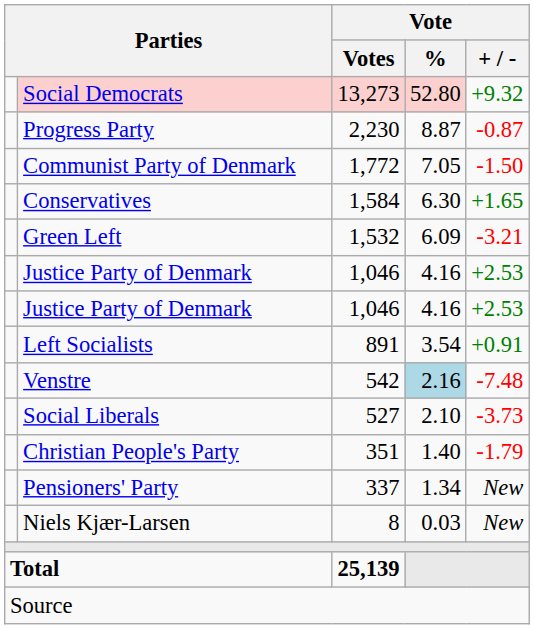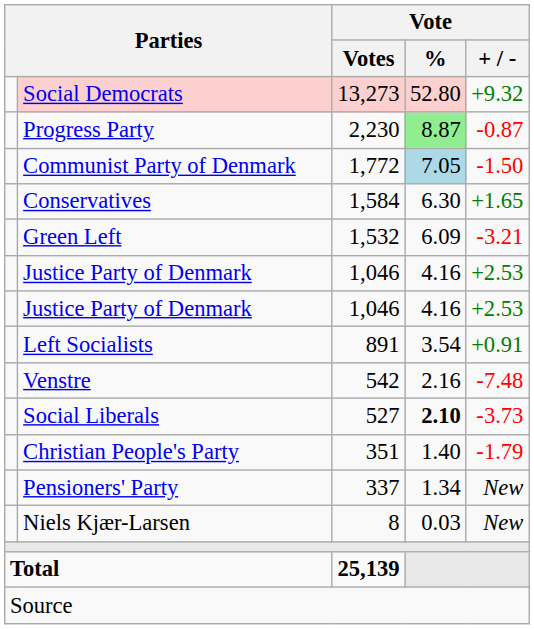 <table class="wikitable" style="text-align:right;">
 <tr>
 <th style="text-align:centre;" rowspan="2" colspan="2" width="225">Parties</th>
 <th colspan="3">Vote</th>
 </tr>
 <tr>
 <th width="15">Votes</th>
 <th width="15">%</th>
 <th width="15">+ / -</th>
 </tr>
 <tr>
 <td width="2" style="color:inherit;background:"></td>
 <td bgcolor=#fbd0ce  align="left"><a href='#'>Social Democrats</a></td>
 <td bgcolor=#fbd0ce>13,273</td>
 <td bgcolor=#fbd0ce>52.80</td>
 <td style=color:green;>+9.32</td>
 </tr>
 <tr>
 <td width="2" style="color:inherit;background:"></td>
 <td align="left"><a href='#'>Progress Party</a></td>
 <td>2,230</td>
-<td>8.87</td>
+<td style="background: lightgreen;">8.87</td>
 <td style=color:red;>-0.87</td>
 </tr>
 <tr>
 <td width="2" style="color:inherit;background:"></td>
 <td align="left"><a href='#'>Communist Party of Denmark</a></td>
 <td>1,772</td>
-<td>7.05</td>
+<td style="background: lightblue;">7.05</td>
 <td style=color:red;>-1.50</td>
 </tr>
 <tr>
 <td width="2" style="color:inherit;background:"></td>
 <td align="left"><a href='#'>Conservatives</a></td>
 <td>1,584</td>
 <td>6.30</td>
 <td style=color:green;>+1.65</td>
 </tr>
 <tr>
 <td width="2" style="color:inherit;background:"></td>
 <td align="left"><a href='#'>Green Left</a></td>
 <td>1,532</td>
 <td>6.09</td>
 <td style=color:red;>-3.21</td>
 </tr>
 <tr>
 <td width="2" style="color:inherit;background:"></td>
 <td align="left"><a href='#'>Justice Party of Denmark</a></td>
 <td>1,046</td>
 <td>4.16</td>
 <td style=color:green;>+2.53</td>
 </tr>
 <tr>
 <td width="2" style="color:inherit;background:"></td>
 <td align="left"><a href='#'>Justice Party of Denmark</a></td>
 <td>1,046</td>
 <td>4.16</td>
 <td style=color:green;>+2.53</td>
 </tr>
 <tr>
 <td width="2" style="color:inherit;background:"></td>
 <td align="left"><a href='#'>Left Socialists</a></td>
 <td>891</td>
 <td>3.54</td>
 <td style=color:green;>+0.91</td>
 </tr>
 <tr>
 <td width="2" style="color:inherit;background:"></td>
 <td align="left"><a href='#'>Venstre</a></td>
 <td>542</td>
-<td style="background: lightblue;">2.16</td>
+<td>2.16</td>
 <td style=color:red;>-7.48</td>
 </tr>
 <tr>
 <td width="2" style="color:inherit;background:"></td>
 <td align="left"><a href='#'>Social Liberals</a></td>
 <td>527</td>
-<td>2.10</td>
+<td><strong>2.10</strong></td>
 <td style=color:red;>-3.73</td>
 </tr>
 <tr>
 <td width="2" style="color:inherit;background:"></td>
 <td align="left"><a href='#'>Christian People's Party</a></td>
 <td>351</td>
 <td>1.40</td>
 <td style=color:red;>-1.79</td>
 </tr>
 <tr>
 <td width="2" style="color:inherit;background:"></td>
 <td align="left"><a href='#'>Pensioners' Party</a></td>
 <td>337</td>
 <td>1.34</td>
 <td><em>New</em></td>
 </tr>
 <tr>
 <td width="2" style="color:inherit;background:"></td>
 <td align="left">Niels Kjær-Larsen</td>
 <td>8</td>
 <td>0.03</td>
 <td><em>New</em></td>
 </tr>
 <tr>
 <td colspan="7" bgcolor="#E9E9E9"></td>
 </tr>
 <tr>
 <td align="left" colspan="2"><strong>Total</strong></td>
 <td><strong>25,139</strong></td>
 <td bgcolor="#E9E9E9" colspan="2"></td>
 </tr>
 <tr>
 <td align="left" colspan="6">Source</td>
 </tr>
 </table>
